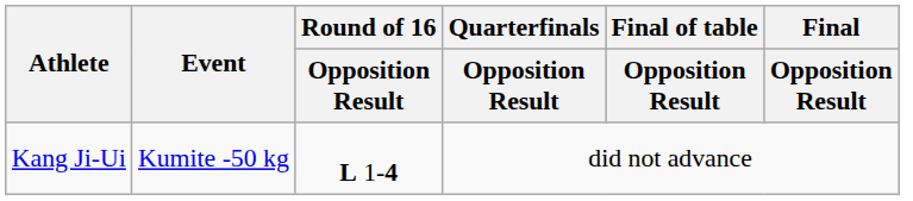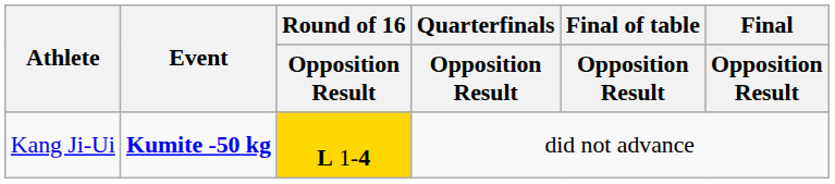 <table class=wikitable style="font-size:90%">
 <tr>
 <th rowspan=2>Athlete</th>
 <th rowspan=2>Event</th>
 <th>Round of 16</th>
 <th>Quarterfinals</th>
 <th>Final of table</th>
 <th>Final</th>
 </tr>
 <tr>
 <th>Opposition<br>Result</th>
 <th>Opposition<br>Result</th>
 <th>Opposition<br>Result</th>
 <th>Opposition<br>Result</th>
 </tr>
 <tr>
 <td><a href='#'>Kang Ji-Ui</a></td>
-<td><a href='#'>Kumite -50 kg</a></td>
-<td align=center><br><strong>L</strong> 1-<strong>4</strong></td>
+<td><strong><a href='#'>Kumite -50 kg</a></strong></td>
+<td align=center style="background: gold;"><br><strong>L</strong> 1-<strong>4</strong></td>
 <td align=center colspan="7">did not advance</td>
 </tr>
 </table>
